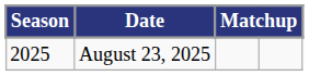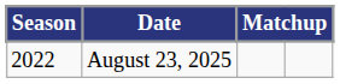 <table class="wikitable">
 <tr>
 <th style="background:#29347C; color:#FFFFFF; border: 2px solid #999A9B ;">Season</th>
 <th style="background:#29347C; color:#FFFFFF; border: 2px solid #999A9B ;">Date</th>
 <th style="background:#29347C; color:#FFFFFF; border: 2px solid #999A9B ;"colspan="2">Matchup</th>
 </tr>
 <tr>
-<td rowspan=1>2025</td>
+<td rowspan=1>2022</td>
 <td>August 23, 2025</td>
 <td><strong><a href='#'></a></strong></td>
 <td><strong><a href='#'></a></strong></td>
 </tr>
 <tr>
 </tr>
 </table>
